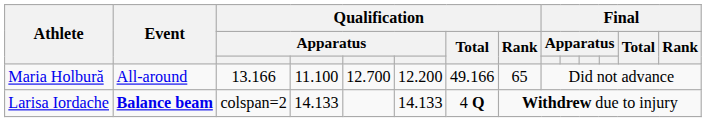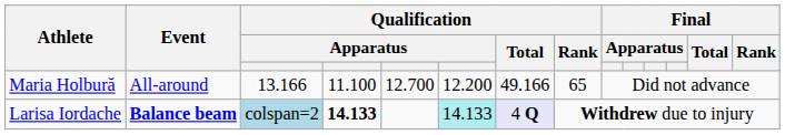 <table class="wikitable" style="font-size:90%">
 <tr>
 <th rowspan=3>Athlete</th>
 <th rowspan=3>Event</th>
 <th colspan=6>Qualification</th>
 <th colspan=6>Final</th>
 </tr>
 <tr style="font-size:95%">
 <th colspan=4>Apparatus</th>
 <th rowspan=2>Total</th>
 <th rowspan=2>Rank</th>
 <th colspan=4>Apparatus</th>
 <th rowspan=2>Total</th>
 <th rowspan=2>Rank</th>
 </tr>
 <tr style="font-size:95%">
 <th></th>
 <th></th>
 <th></th>
 <th></th>
 <th></th>
 <th></th>
 <th></th>
 <th></th>
 </tr>
 <tr align=center>
 <td align=left><a href='#'>Maria Holbură</a></td>
 <td align=left><a href='#'>All-around</a></td>
 <td>13.166</td>
 <td>11.100</td>
 <td>12.700</td>
 <td>12.200</td>
 <td>49.166</td>
 <td>65</td>
 <td colspan=6>Did not advance</td>
 </tr>
 <tr align=center>
 <td align=left><a href='#'>Larisa Iordache</a></td>
 <td align=left><strong><a href='#'>Balance beam</a></strong></td>
-<td>colspan=2 </td>
-<td>14.133</td>
+<td style="background: lightblue;">colspan=2 </td>
+<td><strong>14.133</strong></td>
 <td></td>
-<td>14.133</td>
-<td>4 <strong>Q</strong></td>
+<td style="background: paleturquoise;">14.133</td>
+<td style="background: lavender;">4 <strong>Q</strong></td>
 <td colspan=8><strong>Withdrew</strong> due to injury</td>
 </tr>
 </table>
